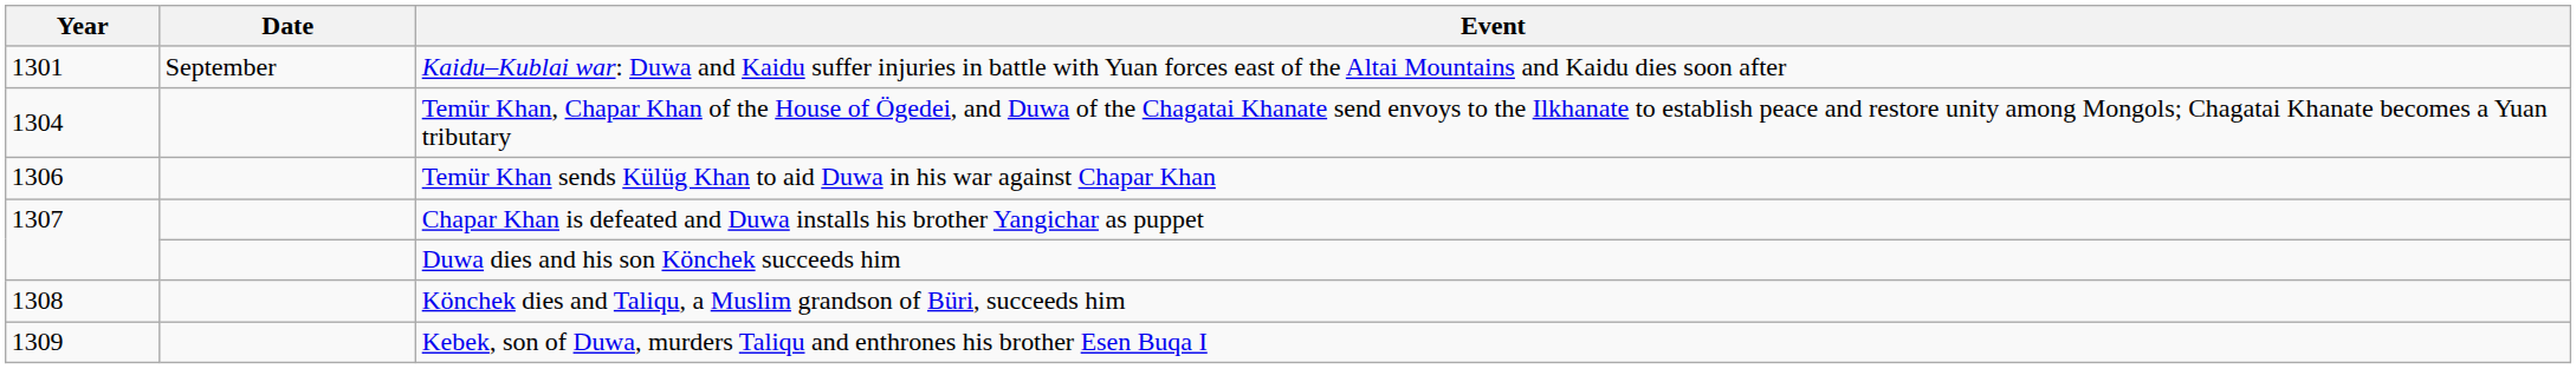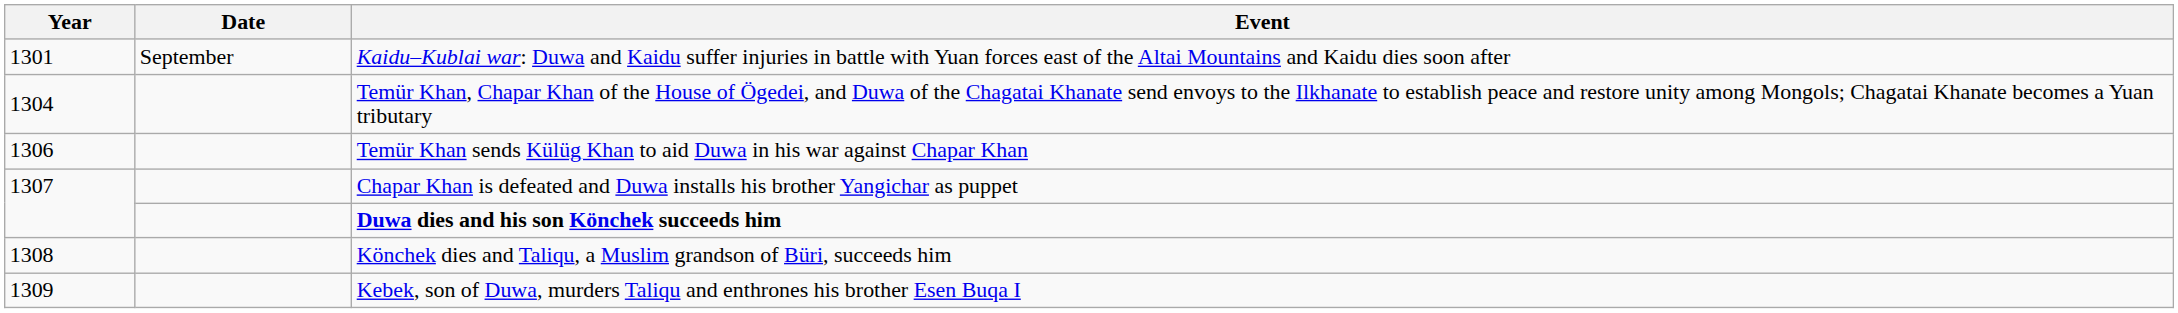 <table class="wikitable" width="100%">
 <tr>
 <th style="width:6%">Year</th>
 <th style="width:10%">Date</th>
 <th>Event</th>
 </tr>
 <tr>
 <td>1301</td>
 <td>September</td>
 <td><em><a href='#'>Kaidu–Kublai war</a></em>: <a href='#'>Duwa</a> and <a href='#'>Kaidu</a> suffer injuries in battle with Yuan forces east of the <a href='#'>Altai Mountains</a> and Kaidu dies soon after</td>
 </tr>
 <tr>
 <td>1304</td>
 <td></td>
 <td><a href='#'>Temür Khan</a>, <a href='#'>Chapar Khan</a> of the <a href='#'>House of Ögedei</a>, and <a href='#'>Duwa</a> of the <a href='#'>Chagatai Khanate</a> send envoys to the <a href='#'>Ilkhanate</a> to establish peace and restore unity among Mongols; Chagatai Khanate becomes a Yuan tributary</td>
 </tr>
 <tr>
 <td>1306</td>
 <td></td>
 <td><a href='#'>Temür Khan</a> sends <a href='#'>Külüg Khan</a> to aid <a href='#'>Duwa</a> in his war against <a href='#'>Chapar Khan</a></td>
 </tr>
 <tr>
 <td rowspan="2" valign="top">1307</td>
 <td></td>
 <td><a href='#'>Chapar Khan</a> is defeated and <a href='#'>Duwa</a> installs his brother <a href='#'>Yangichar</a> as puppet</td>
 </tr>
 <tr>
 <td></td>
-<td><a href='#'>Duwa</a> dies and his son <a href='#'>Könchek</a> succeeds him</td>
+<td><strong><a href='#'>Duwa</a> dies and his son <a href='#'>Könchek</a> succeeds him</strong></td>
 </tr>
 <tr>
 <td>1308</td>
 <td></td>
 <td><a href='#'>Könchek</a> dies and <a href='#'>Taliqu</a>, a <a href='#'>Muslim</a> grandson of <a href='#'>Büri</a>, succeeds him</td>
 </tr>
 <tr>
 <td>1309</td>
 <td></td>
 <td><a href='#'>Kebek</a>, son of <a href='#'>Duwa</a>, murders <a href='#'>Taliqu</a> and enthrones his brother <a href='#'>Esen Buqa I</a></td>
 </tr>
 </table>
